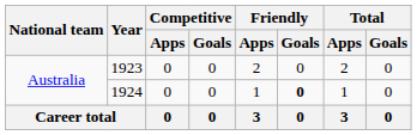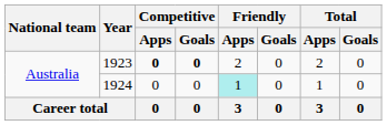 <table class="wikitable" style="text-align:center">
 <tr>
 <th rowspan="2">National team</th>
 <th rowspan="2">Year</th>
 <th colspan="2">Competitive</th>
 <th colspan="2">Friendly</th>
 <th colspan="2">Total</th>
 </tr>
 <tr>
 <th>Apps</th>
 <th>Goals</th>
 <th>Apps</th>
 <th>Goals</th>
 <th>Apps</th>
 <th>Goals</th>
 </tr>
 <tr>
 <td rowspan="2"><a href='#'>Australia</a></td>
 <td>1923</td>
-<td>0</td>
-<td>0</td>
+<td><strong>0</strong></td>
+<td><strong>0</strong></td>
 <td>2</td>
 <td>0</td>
 <td>2</td>
 <td>0</td>
 </tr>
 <tr>
 <td>1924</td>
 <td>0</td>
 <td>0</td>
-<td>1</td>
-<td><strong>0</strong></td>
+<td style="background: paleturquoise;">1</td>
+<td>0</td>
 <td>1</td>
 <td>0</td>
 </tr>
 <tr>
 <th colspan=2>Career total</th>
 <th>0</th>
 <th>0</th>
 <th>3</th>
 <th>0</th>
 <th>3</th>
 <th>0</th>
 </tr>
 </table>
